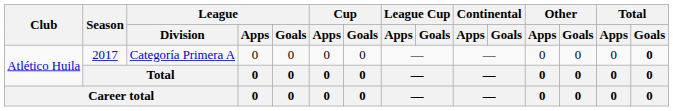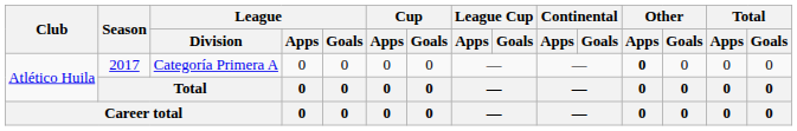 <table class="wikitable" style="text-align:center">
 <tr>
 <th rowspan="2">Club</th>
 <th rowspan="2">Season</th>
 <th colspan="3">League</th>
 <th colspan="2">Cup</th>
 <th colspan="2">League Cup</th>
 <th colspan="2">Continental</th>
 <th colspan="2">Other</th>
 <th colspan="2">Total</th>
 </tr>
 <tr>
 <th>Division</th>
 <th>Apps</th>
 <th>Goals</th>
 <th>Apps</th>
 <th>Goals</th>
 <th>Apps</th>
 <th>Goals</th>
 <th>Apps</th>
 <th>Goals</th>
 <th>Apps</th>
 <th>Goals</th>
 <th>Apps</th>
 <th>Goals</th>
 </tr>
 <tr>
 <td rowspan="2"><a href='#'>Atlético Huila</a></td>
 <td><a href='#'>2017</a></td>
 <td rowspan="1"><a href='#'>Categoría Primera A</a></td>
 <td>0</td>
 <td>0</td>
 <td>0</td>
 <td>0</td>
 <td colspan="2">—</td>
 <td colspan="2">—</td>
+<td><strong>0</strong></td>
 <td>0</td>
 <td>0</td>
 <td>0</td>
-<td><strong>0</strong></td>
 </tr>
 <tr>
 <th colspan="2">Total</th>
 <th>0</th>
 <th>0</th>
 <th>0</th>
 <th>0</th>
 <th colspan="2">—</th>
 <th colspan="2">—</th>
 <th>0</th>
 <th>0</th>
 <th>0</th>
 <th>0</th>
 </tr>
 <tr>
 <th colspan="3">Career total</th>
 <th>0</th>
 <th>0</th>
 <th>0</th>
 <th>0</th>
 <th colspan="2">—</th>
 <th colspan="2">—</th>
 <th>0</th>
 <th>0</th>
 <th>0</th>
 <th>0</th>
 </tr>
 </table>
